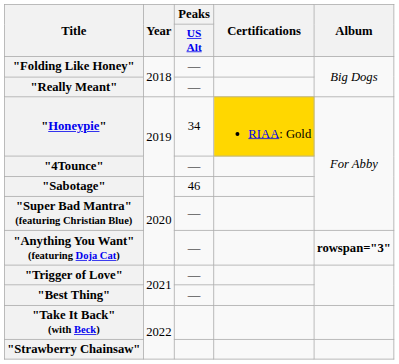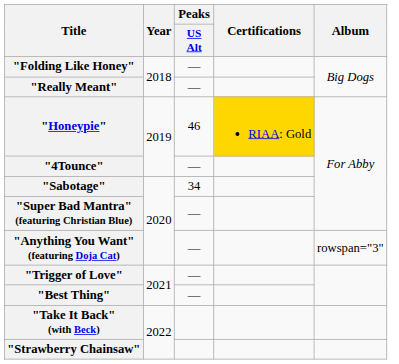 <table class="wikitable plainrowheaders" style="text-align:center;">
 <tr>
 <th scope="col" rowspan="2">Title</th>
 <th scope="col" rowspan="2">Year</th>
 <th scope="col" colspan="1">Peaks</th>
 <th scope="col" rowspan="2">Certifications</th>
 <th scope="col" rowspan="2">Album</th>
 </tr>
 <tr>
 <th style="width:3em;font-size:90%;"><a href='#'>US<br>Alt</a><br></th>
 </tr>
 <tr>
 <th scope="row">"Folding Like Honey"</th>
 <td rowspan="2">2018</td>
 <td>—</td>
 <td></td>
 <td rowspan="2"><em>Big Dogs</em></td>
 </tr>
 <tr>
 <th scope="row">"Really Meant"</th>
 <td>—</td>
 <td></td>
 </tr>
 <tr>
 <th scope="row">"<a href='#'>Honeypie</a>"</th>
 <td rowspan="2">2019</td>
-<td>34</td>
+<td>46</td>
 <td style="background: gold;"><br><ul><li><a href='#'>RIAA</a>: Gold</li></ul></td>
 <td rowspan="4"><em>For Abby</em></td>
 </tr>
 <tr>
 <th scope="row">"4Tounce"</th>
 <td>—</td>
 <td></td>
 </tr>
 <tr>
 <th scope="row">"Sabotage"</th>
 <td rowspan="3">2020</td>
-<td>46</td>
+<td>34</td>
 <td></td>
 </tr>
 <tr>
 <th scope="row">"Super Bad Mantra"<br><small>(featuring Christian Blue)</small></th>
 <td>—</td>
 <td></td>
 </tr>
 <tr>
 <th scope="row">"Anything You Want"<br><small>(featuring <a href='#'>Doja Cat</a>)</small></th>
 <td>—</td>
 <td></td>
-<td><strong>rowspan="3" </strong></td>
+<td>rowspan="3" </td>
 </tr>
 <tr>
 <th scope="row">"Trigger of Love"</th>
 <td rowspan="2">2021</td>
 <td>—</td>
 <td></td>
 </tr>
 <tr>
 <th scope="row">"Best Thing"</th>
 <td>—</td>
 <td></td>
 </tr>
 <tr>
 <th scope="row">"Take It Back"<br><small>(with <a href='#'>Beck</a>)</small></th>
 <td rowspan="2">2022</td>
 <td></td>
 <td></td>
 <td></td>
 </tr>
 <tr>
 <th scope="row">"Strawberry Chainsaw"</th>
 <td></td>
 <td></td>
 <td></td>
 </tr>
 </table>
